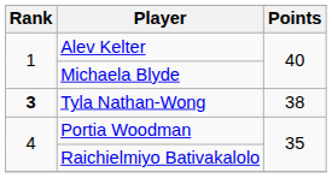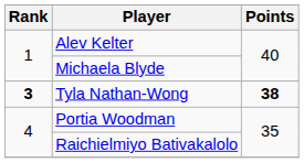 <table class="wikitable sortable">
 <tr>
 </tr>
 <tr>
 <th>Rank</th>
 <th>Player</th>
 <th>Points</th>
 </tr>
 <tr>
 <td align=center rowspan=2>1</td>
 <td> <a href='#'>Alev Kelter</a></td>
 <td align=center rowspan=2>40</td>
 </tr>
 <tr>
 <td> <a href='#'>Michaela Blyde</a></td>
 </tr>
 <tr>
 <td align=center><strong>3</strong></td>
 <td> <a href='#'>Tyla Nathan-Wong</a></td>
-<td align=center>38</td>
+<td align=center><strong>38</strong></td>
 </tr>
 <tr>
 <td align=center rowspan=2>4</td>
 <td> <a href='#'>Portia Woodman</a></td>
 <td align=center rowspan=2>35</td>
 </tr>
 <tr>
 <td> <a href='#'>Raichielmiyo Bativakalolo</a></td>
 </tr>
 <tr>
 </tr>
 </table>
